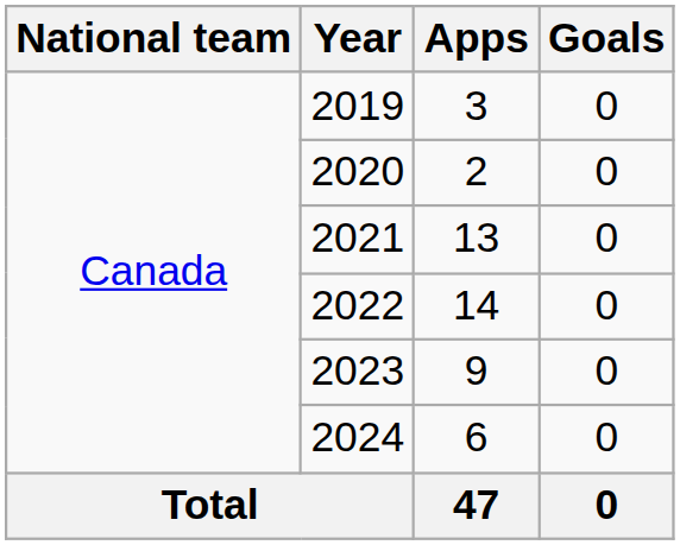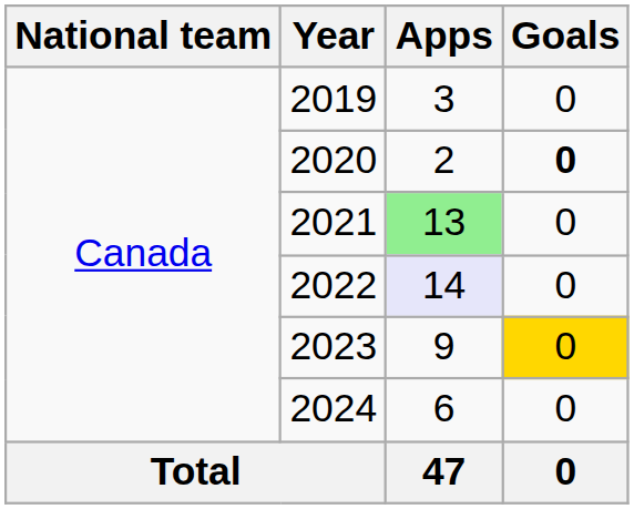 <table class="wikitable" style="text-align:center">
 <tr>
 <th>National team</th>
 <th>Year</th>
 <th>Apps</th>
 <th>Goals</th>
 </tr>
 <tr>
 <td rowspan=6><a href='#'>Canada</a></td>
 <td>2019</td>
 <td>3</td>
 <td>0</td>
 </tr>
 <tr>
 <td>2020</td>
 <td>2</td>
-<td>0</td>
+<td><strong>0</strong></td>
 </tr>
 <tr>
 <td>2021</td>
-<td>13</td>
+<td style="background: lightgreen;">13</td>
 <td>0</td>
 </tr>
 <tr>
 <td>2022</td>
-<td>14</td>
+<td style="background: lavender;">14</td>
 <td>0</td>
 </tr>
 <tr>
 <td>2023</td>
 <td>9</td>
-<td>0</td>
+<td style="background: gold;">0</td>
 </tr>
 <tr>
 <td>2024</td>
 <td>6</td>
 <td>0</td>
 </tr>
 <tr>
 <th colspan=2>Total</th>
 <th>47</th>
 <th>0</th>
 </tr>
 </table>
